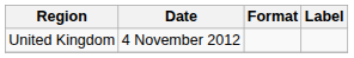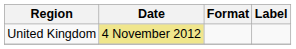 <table class=wikitable>
 <tr>
 <th>Region</th>
 <th>Date</th>
 <th>Format</th>
 <th>Label</th>
 </tr>
 <tr>
 <td>United Kingdom</td>
-<td>4 November 2012</td>
+<td style="background: khaki;">4 November 2012</td>
 <td></td>
 <td></td>
 </tr>
 <tr>
 </tr>
 </table>
